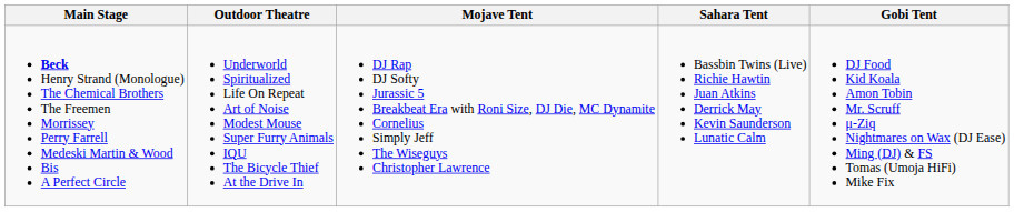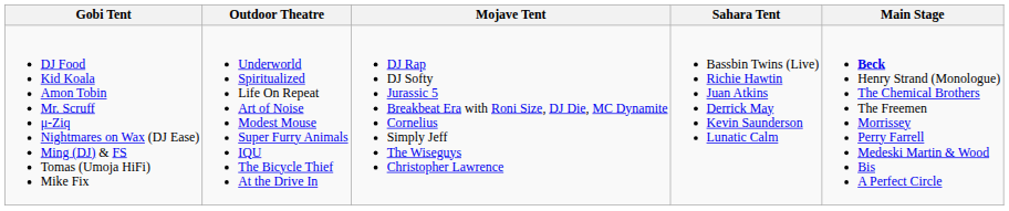 <table class="wikitable">
 <tr>
-<th>Main Stage</th>
+<th>Gobi Tent</th>
 <th>Outdoor Theatre</th>
 <th>Mojave Tent</th>
 <th>Sahara Tent</th>
-<th>Gobi Tent</th>
+<th>Main Stage</th>
 </tr>
 <tr valign="top">
-<td><br><ul><li><strong><a href='#'>Beck</a></strong></li><li>Henry Strand (Monologue)</li><li><a href='#'>The Chemical Brothers</a></li><li>The Freemen</li><li><a href='#'>Morrissey</a></li><li><a href='#'>Perry Farrell</a></li><li><a href='#'>Medeski Martin & Wood</a></li><li><a href='#'>Bis</a></li><li><a href='#'>A Perfect Circle</a></li></ul></td>
+<td><br><ul><li><a href='#'>DJ Food</a></li><li><a href='#'>Kid Koala</a></li><li><a href='#'>Amon Tobin</a></li><li><a href='#'>Mr. Scruff</a></li><li><a href='#'>μ-Ziq</a></li><li><a href='#'>Nightmares on Wax</a> (DJ Ease)</li><li><a href='#'>Ming (DJ)</a> & <a href='#'>FS</a></li><li>Tomas (Umoja HiFi)</li><li>Mike Fix</li></ul></td>
 <td><br><ul><li><a href='#'>Underworld</a></li><li><a href='#'>Spiritualized</a></li><li>Life On Repeat</li><li><a href='#'>Art of Noise</a></li><li><a href='#'>Modest Mouse</a></li><li><a href='#'>Super Furry Animals</a></li><li><a href='#'>IQU</a></li><li><a href='#'>The Bicycle Thief</a></li><li><a href='#'>At the Drive In</a></li></ul></td>
 <td><br><ul><li><a href='#'>DJ Rap</a></li><li>DJ Softy</li><li><a href='#'>Jurassic 5</a></li><li><a href='#'>Breakbeat Era</a> with <a href='#'>Roni Size</a>, <a href='#'>DJ Die</a>, <a href='#'>MC Dynamite</a></li><li><a href='#'>Cornelius</a></li><li>Simply Jeff</li><li><a href='#'>The Wiseguys</a></li><li><a href='#'>Christopher Lawrence</a></li></ul></td>
 <td><br><ul><li>Bassbin Twins (Live)</li><li><a href='#'>Richie Hawtin</a></li><li><a href='#'>Juan Atkins</a></li><li><a href='#'>Derrick May</a></li><li><a href='#'>Kevin Saunderson</a></li><li><a href='#'>Lunatic Calm</a></li></ul></td>
-<td><br><ul><li><a href='#'>DJ Food</a></li><li><a href='#'>Kid Koala</a></li><li><a href='#'>Amon Tobin</a></li><li><a href='#'>Mr. Scruff</a></li><li><a href='#'>μ-Ziq</a></li><li><a href='#'>Nightmares on Wax</a> (DJ Ease)</li><li><a href='#'>Ming (DJ)</a> & <a href='#'>FS</a></li><li>Tomas (Umoja HiFi)</li><li>Mike Fix</li></ul></td>
+<td><br><ul><li><strong><a href='#'>Beck</a></strong></li><li>Henry Strand (Monologue)</li><li><a href='#'>The Chemical Brothers</a></li><li>The Freemen</li><li><a href='#'>Morrissey</a></li><li><a href='#'>Perry Farrell</a></li><li><a href='#'>Medeski Martin & Wood</a></li><li><a href='#'>Bis</a></li><li><a href='#'>A Perfect Circle</a></li></ul></td>
 </tr>
 </table>
